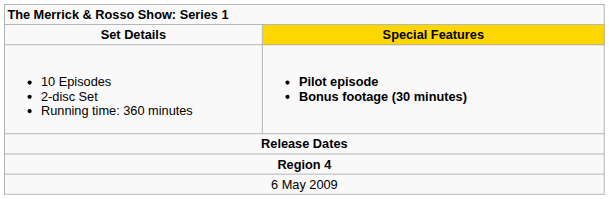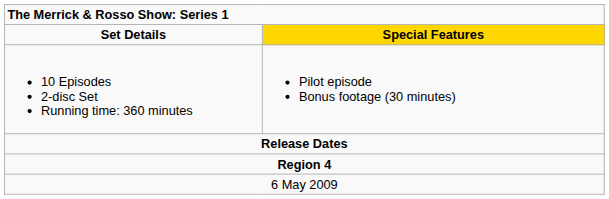 <table class="wikitable" style="font-size: 95%;">
 <tr>
 <td colspan="3"><strong>The Merrick & Rosso Show: Series 1</strong></td>
 </tr>
 <tr>
 <td width="300" align="center" colspan="1"><strong>Set Details</strong></td>
 <td width="400" align="center" colspan="1" style="background: gold;"><strong>Special Features</strong></td>
 </tr>
 <tr valign="top">
 <td colspan="1" align="left" width="300"><br><ul><li>10 Episodes</li><li>2-disc Set</li><li>Running time: 360 minutes</li></ul></td>
-<td colspan="1" align="left" width="400"><strong><br><ul><li>Pilot episode</li><li>Bonus footage (30 minutes)</li></ul></strong></td>
+<td colspan="1" align="left" width="400"><br><ul><li>Pilot episode</li><li>Bonus footage (30 minutes)</li></ul></td>
 </tr>
 <tr>
 <td colspan="3" align="center"><strong>Release Dates</strong></td>
 </tr>
 <tr>
 <td colspan="3" align="center"><strong>Region 4</strong></td>
 </tr>
 <tr>
 <td colspan="3" align="center">6 May 2009</td>
 </tr>
 </table>
